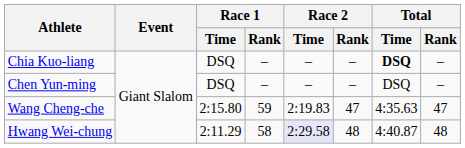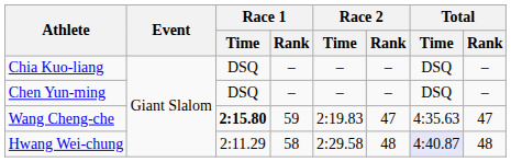 <table class="wikitable" style="font-size:90%">
 <tr>
 <th rowspan="2">Athlete</th>
 <th rowspan="2">Event</th>
 <th colspan="2">Race 1</th>
 <th colspan="2">Race 2</th>
 <th colspan="2">Total</th>
 </tr>
 <tr>
 <th>Time</th>
 <th>Rank</th>
 <th>Time</th>
 <th>Rank</th>
 <th>Time</th>
 <th>Rank</th>
 </tr>
 <tr>
 <td><a href='#'>Chia Kuo-liang</a></td>
 <td rowspan="4">Giant Slalom</td>
 <td align="center">DSQ</td>
 <td align="center">–</td>
 <td align="center">–</td>
 <td align="center">–</td>
-<td align="center"><strong>DSQ</strong></td>
+<td align="center">DSQ</td>
 <td align="center">–</td>
 </tr>
 <tr>
 <td><a href='#'>Chen Yun-ming</a></td>
 <td align="center">DSQ</td>
 <td align="center">–</td>
 <td align="center">–</td>
 <td align="center">–</td>
 <td align="center">DSQ</td>
 <td align="center">–</td>
 </tr>
 <tr>
 <td><a href='#'>Wang Cheng-che</a></td>
-<td align="center">2:15.80</td>
+<td align="center"><strong>2:15.80</strong></td>
 <td align="center">59</td>
 <td align="center">2:19.83</td>
 <td align="center">47</td>
 <td align="center">4:35.63</td>
 <td align="center">47</td>
 </tr>
 <tr>
 <td><a href='#'>Hwang Wei-chung</a></td>
 <td align="center">2:11.29</td>
 <td align="center">58</td>
-<td align="center" style="background: lavender;">2:29.58</td>
+<td align="center">2:29.58</td>
 <td align="center">48</td>
-<td align="center">4:40.87</td>
+<td align="center" style="background: lavender;">4:40.87</td>
 <td align="center">48</td>
 </tr>
 </table>
